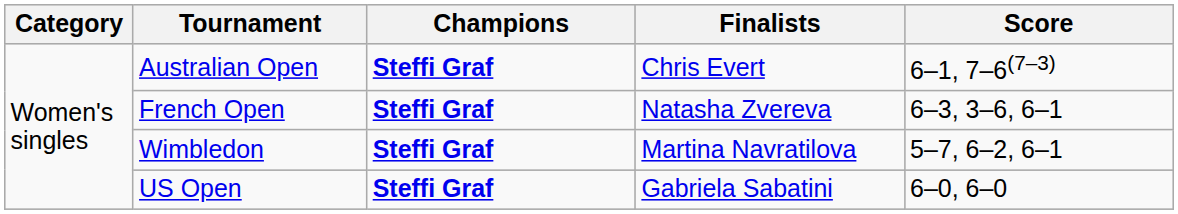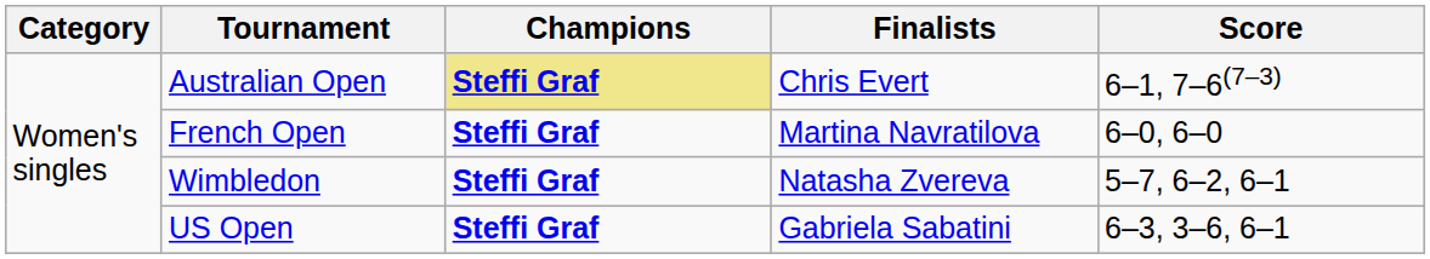 <table class="wikitable">
 <tr>
 <th style="width: 75px">Category</th>
 <th style="width: 20%;">Tournament</th>
 <th style="width: 23%;">Champions</th>
 <th style="width: 23%;">Finalists</th>
 <th style="width: 23%;">Score</th>
 </tr>
 <tr>
 <td rowspan="4">Women's<br>singles</td>
 <td><a href='#'>Australian Open</a></td>
-<td> <strong><a href='#'>Steffi Graf</a></strong></td>
+<td style="background: khaki;"> <strong><a href='#'>Steffi Graf</a></strong></td>
 <td> <a href='#'>Chris Evert</a></td>
 <td>6–1, 7–6<sup>(7–3)</sup></td>
 </tr>
 <tr>
 <td><a href='#'>French Open</a></td>
 <td> <strong><a href='#'>Steffi Graf</a></strong></td>
-<td> <a href='#'>Natasha Zvereva</a></td>
-<td>6–3, 3–6, 6–1</td>
+<td> <a href='#'>Martina Navratilova</a></td>
+<td>6–0, 6–0</td>
 </tr>
 <tr>
 <td><a href='#'>Wimbledon</a></td>
 <td> <strong><a href='#'>Steffi Graf</a></strong></td>
-<td> <a href='#'>Martina Navratilova</a></td>
+<td> <a href='#'>Natasha Zvereva</a></td>
 <td>5–7, 6–2, 6–1</td>
 </tr>
 <tr>
 <td><a href='#'>US Open</a></td>
 <td> <strong><a href='#'>Steffi Graf</a></strong></td>
 <td> <a href='#'>Gabriela Sabatini</a></td>
-<td>6–0, 6–0</td>
+<td>6–3, 3–6, 6–1</td>
 </tr>
 </table>
